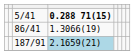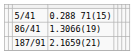 <table class="wikitable">
 <tr>
 <th></th>
 <th></th>
 <th></th>
 <th></th>
 <th></th>
 <th></th>
 <th></th>
 <th></th>
 </tr>
 <tr>
 <td></td>
 <td></td>
 <td>5/41 </td>
-<td><strong>0.288 71(15)<br></strong></td>
+<td>0.288 71(15)<br></td>
 <td></td>
 <td></td>
 <td></td>
 <td></td>
 </tr>
 <tr>
 <td></td>
 <td></td>
 <td>86/41 </td>
 <td>1.3066(19)</td>
 <td></td>
 <td></td>
 <td></td>
 <td></td>
 </tr>
 <tr>
 <td></td>
 <td></td>
 <td>187/91</td>
-<td style="background: lightblue;">2.1659(21)</td>
+<td>2.1659(21)</td>
 <td></td>
 <td></td>
 <td></td>
 <td></td>
 </tr>
 <tr>
 </tr>
 </table>
